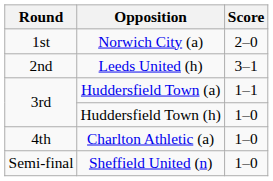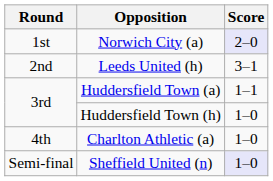 <table class="wikitable" align="right" style="text-align:center;margin-left:1em">
 <tr>
 <th>Round</th>
 <th>Opposition</th>
 <th>Score</th>
 </tr>
 <tr>
 <td>1st</td>
 <td><a href='#'>Norwich City</a> (a)</td>
-<td>2–0</td>
+<td style="background: lavender;">2–0</td>
 </tr>
 <tr>
 <td>2nd</td>
 <td><a href='#'>Leeds United</a> (h)</td>
 <td>3–1</td>
 </tr>
 <tr>
 <td rowspan="2">3rd</td>
 <td><a href='#'>Huddersfield Town</a> (a)</td>
 <td>1–1</td>
 </tr>
 <tr>
 <td>Huddersfield Town (h)</td>
 <td>1–0</td>
 </tr>
 <tr>
 <td>4th</td>
 <td><a href='#'>Charlton Athletic</a> (a)</td>
 <td>1–0</td>
 </tr>
 <tr>
 <td>Semi-final</td>
 <td><a href='#'>Sheffield United</a> (<a href='#'>n</a>)</td>
-<td>1–0</td>
+<td style="background: lavender;">1–0</td>
 </tr>
 </table>
